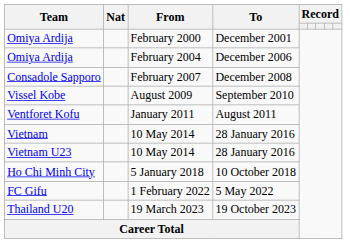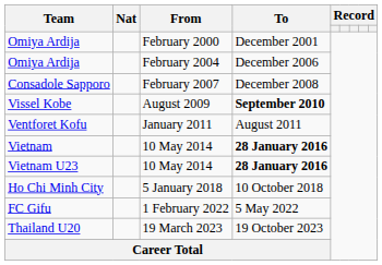 <table class=wikitable style=text-align:center>
 <tr>
 <th rowspan=2>Team</th>
 <th rowspan=2>Nat</th>
 <th rowspan=2>From</th>
 <th rowspan=2>To</th>
 <th colspan=5>Record</th>
 </tr>
 <tr>
 <th></th>
 <th></th>
 <th></th>
 <th></th>
 <th></th>
 </tr>
 <tr>
 <td align=left><a href='#'>Omiya Ardija</a></td>
 <td></td>
 <td align=left>February 2000</td>
 <td align=left>December 2001<br></td>
 </tr>
 <tr>
 <td align=left><a href='#'>Omiya Ardija</a></td>
 <td></td>
 <td align=left>February 2004</td>
 <td align=left>December 2006<br></td>
 </tr>
 <tr>
 <td align=left><a href='#'>Consadole Sapporo</a></td>
 <td></td>
 <td align=left>February 2007</td>
 <td align=left>December 2008<br></td>
 </tr>
 <tr>
 <td align=left><a href='#'>Vissel Kobe</a></td>
 <td></td>
 <td align=left>August 2009</td>
-<td align=left>September 2010<br></td>
+<td align=left><strong>September 2010<br></strong></td>
 </tr>
 <tr>
 <td align=left><a href='#'>Ventforet Kofu</a></td>
 <td></td>
 <td align=left>January 2011</td>
 <td align=left>August 2011<br></td>
 </tr>
 <tr>
 <td align=left><a href='#'>Vietnam</a></td>
 <td></td>
 <td align=left>10 May 2014</td>
-<td align=left>28 January 2016<br></td>
+<td align=left><strong>28 January 2016<br></strong></td>
 </tr>
 <tr>
 <td align=left><a href='#'>Vietnam U23</a></td>
 <td></td>
 <td align=left>10 May 2014</td>
-<td align=left>28 January 2016<br></td>
+<td align=left><strong>28 January 2016<br></strong></td>
 </tr>
 <tr>
 <td align=left><a href='#'>Ho Chi Minh City</a></td>
 <td></td>
 <td align=left>5 January 2018</td>
 <td align=left>10 October 2018<br></td>
 </tr>
 <tr>
 <td align=left><a href='#'>FC Gifu</a></td>
 <td></td>
 <td align=left>1 February 2022</td>
 <td align=left>5 May 2022<br></td>
 </tr>
 <tr>
 <td align=left><a href='#'>Thailand U20</a></td>
 <td></td>
 <td align=left>19 March 2023</td>
 <td align=left>19 October 2023<br></td>
 </tr>
 <tr>
 <th colspan=4>Career Total<br></th>
 </tr>
 </table>
